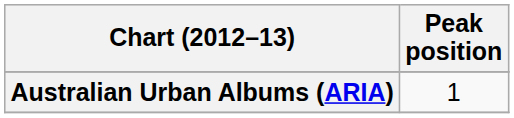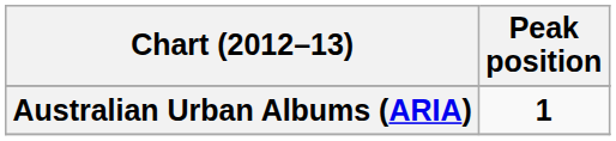 <table class="wikitable sortable plainrowheaders">
 <tr>
 <th>Chart (2012–13)</th>
 <th>Peak<br>position</th>
 </tr>
 <tr>
 </tr>
 <tr>
 <th scope="row">Australian Urban Albums (<a href='#'>ARIA</a>)</th>
-<td align=center>1</td>
+<td align=center><strong>1</strong></td>
 </tr>
 <tr>
 </tr>
 </table>
